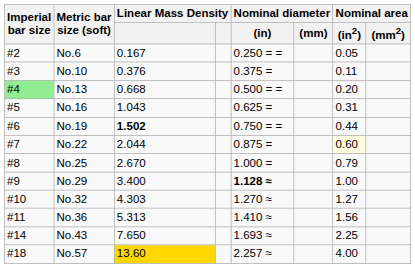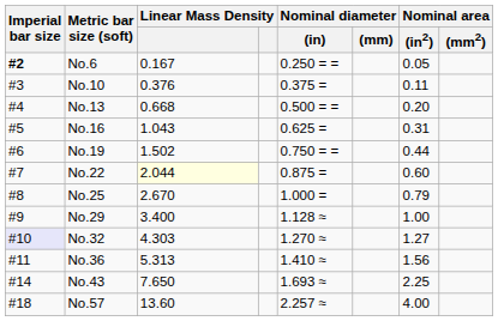 <table class="wikitable">
 <tr>
 <th rowspan=2>Imperial<br>bar size</th>
 <th rowspan=2>Metric bar<br>size (soft)</th>
 <th colspan=2>Linear Mass Density</th>
 <th colspan=2>Nominal diameter</th>
 <th colspan=2>Nominal area</th>
 </tr>
 <tr>
 <th></th>
 <th></th>
 <th>(in)</th>
 <th>(mm)</th>
 <th>(in<sup>2</sup>)</th>
 <th>(mm<sup>2</sup>)</th>
 </tr>
 <tr>
-<td>#2</td>
+<td><strong>#2</strong></td>
 <td>No.6</td>
 <td>0.167</td>
 <td></td>
 <td>0.250 =  = </td>
 <td></td>
 <td>0.05</td>
 <td></td>
 </tr>
 <tr>
 <td>#3</td>
 <td>No.10</td>
 <td>0.376</td>
 <td></td>
 <td>0.375 = </td>
 <td></td>
 <td>0.11</td>
 <td></td>
 </tr>
 <tr>
-<td style="background: lightgreen;">#4</td>
+<td>#4</td>
 <td>No.13</td>
 <td>0.668</td>
 <td></td>
 <td>0.500 =  = </td>
 <td></td>
 <td>0.20</td>
 <td></td>
 </tr>
 <tr>
 <td>#5</td>
 <td>No.16</td>
 <td>1.043</td>
 <td></td>
 <td>0.625 = </td>
 <td></td>
 <td>0.31</td>
 <td></td>
 </tr>
 <tr>
 <td>#6</td>
 <td>No.19</td>
-<td><strong>1.502</strong></td>
+<td>1.502</td>
 <td></td>
 <td>0.750 =  = </td>
 <td></td>
 <td>0.44</td>
 <td></td>
 </tr>
 <tr>
 <td>#7</td>
 <td>No.22</td>
-<td>2.044</td>
+<td style="background: lightyellow;">2.044</td>
 <td></td>
 <td>0.875 = </td>
 <td></td>
-<td style="background: lightyellow;">0.60</td>
+<td>0.60</td>
 <td></td>
 </tr>
 <tr>
 <td>#8</td>
 <td>No.25</td>
 <td>2.670</td>
 <td></td>
 <td>1.000 = </td>
 <td></td>
 <td>0.79</td>
 <td></td>
 </tr>
 <tr>
 <td>#9</td>
 <td>No.29</td>
 <td>3.400</td>
 <td></td>
-<td><strong>1.128 ≈ </strong></td>
+<td>1.128 ≈ </td>
 <td></td>
 <td>1.00</td>
 <td></td>
 </tr>
 <tr>
-<td>#10</td>
+<td style="background: lavender;">#10</td>
 <td>No.32</td>
 <td>4.303</td>
 <td></td>
 <td>1.270 ≈ </td>
 <td></td>
 <td>1.27</td>
 <td></td>
 </tr>
 <tr>
 <td>#11</td>
 <td>No.36</td>
 <td>5.313</td>
 <td></td>
 <td>1.410 ≈ </td>
 <td></td>
 <td>1.56</td>
 <td></td>
 </tr>
 <tr>
 <td>#14</td>
 <td>No.43</td>
 <td>7.650</td>
 <td></td>
 <td>1.693 ≈ </td>
 <td></td>
 <td>2.25</td>
 <td></td>
 </tr>
 <tr>
 <td>#18</td>
 <td>No.57</td>
-<td style="background: gold;">13.60</td>
+<td>13.60</td>
 <td></td>
 <td>2.257 ≈ </td>
 <td></td>
 <td>4.00</td>
 <td></td>
 </tr>
 </table>
